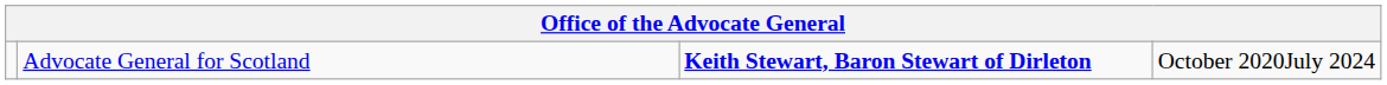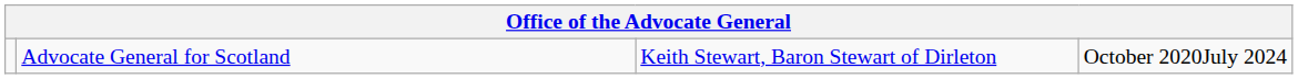 <table class="wikitable">
 <tr>
 <th colspan="4"><a href='#'>Office of the Advocate General</a></th>
 </tr>
 <tr>
 <td rowspan=1 style="width: 1px; background: "></td>
 <td rowspan=1 style="width: 450px;"><a href='#'>Advocate General for Scotland</a></td>
-<td Style="width: 320px;"><strong><a href='#'>Keith Stewart, Baron Stewart of Dirleton</a></strong></td>
+<td Style="width: 320px;"><a href='#'>Keith Stewart, Baron Stewart of Dirleton</a></td>
 <td>October 2020July 2024</td>
 </tr>
 </table>
